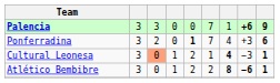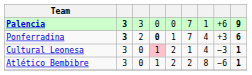 <table class="wikitable" style="text-align:center">
 <tr>
 <th width="175">Team</th>
 <th width="20"></th>
 <th width="20"></th>
 <th width="20"></th>
 <th width="20"></th>
 <th width="20"></th>
 <th width="20"></th>
 <th width="20"></th>
 <th width="20"></th>
 </tr>
 <tr bgcolor="#ccffcc">
 <td align=left><strong><a href='#'>Palencia</a></strong></td>
-<td>3</td>
+<td><strong>3</strong></td>
 <td>3</td>
 <td>0</td>
 <td>0</td>
 <td>7</td>
 <td>1</td>
-<td><strong>+6</strong></td>
+<td>+6</td>
 <td><strong>9</strong></td>
 </tr>
 <tr>
 <td align=left><a href='#'>Ponferradina</a></td>
-<td>3</td>
+<td><strong>3</strong></td>
 <td>2</td>
-<td>0</td>
-<td><strong>1</strong></td>
+<td><strong>0</strong></td>
+<td>1</td>
 <td>7</td>
 <td>4</td>
 <td>+3</td>
 <td><strong>6</strong></td>
 </tr>
 <tr>
 <td align=left><a href='#'>Cultural Leonesa</a></td>
 <td>3</td>
-<td style="background: lightsalmon;">0</td>
-<td>1</td>
+<td>0</td>
+<td style="background: pink;">1</td>
 <td>2</td>
 <td>1</td>
-<td><strong>4</strong></td>
+<td>4</td>
 <td>−3</td>
 <td><strong>1</strong></td>
 </tr>
 <tr>
 <td align=left><a href='#'>Atlético Bembibre</a></td>
 <td>3</td>
 <td>0</td>
 <td>1</td>
 <td>2</td>
 <td>2</td>
-<td><strong>8</strong></td>
-<td><strong>−6</strong></td>
+<td>8</td>
+<td>−6</td>
 <td><strong>1</strong></td>
 </tr>
 <tr>
 </tr>
 </table>
